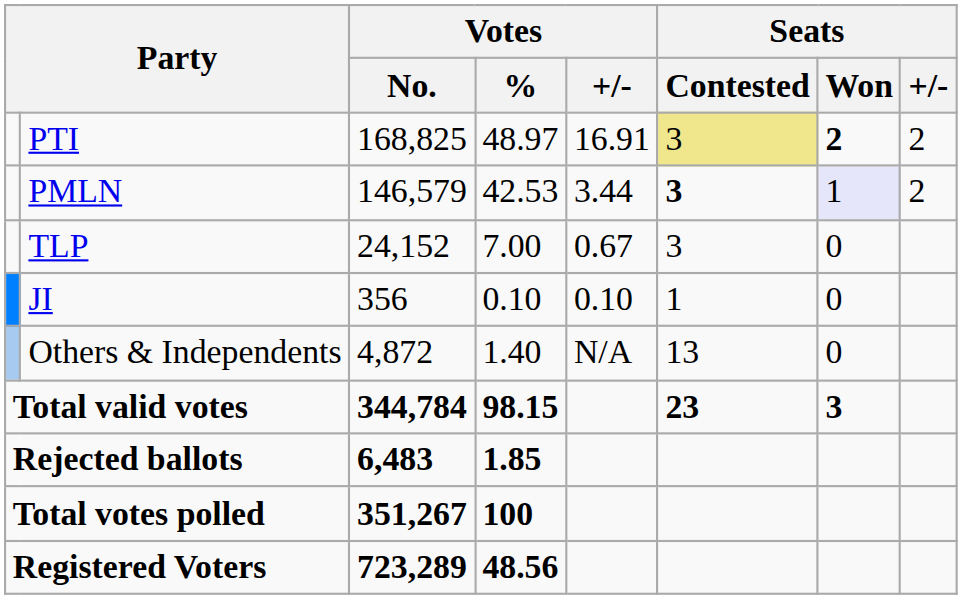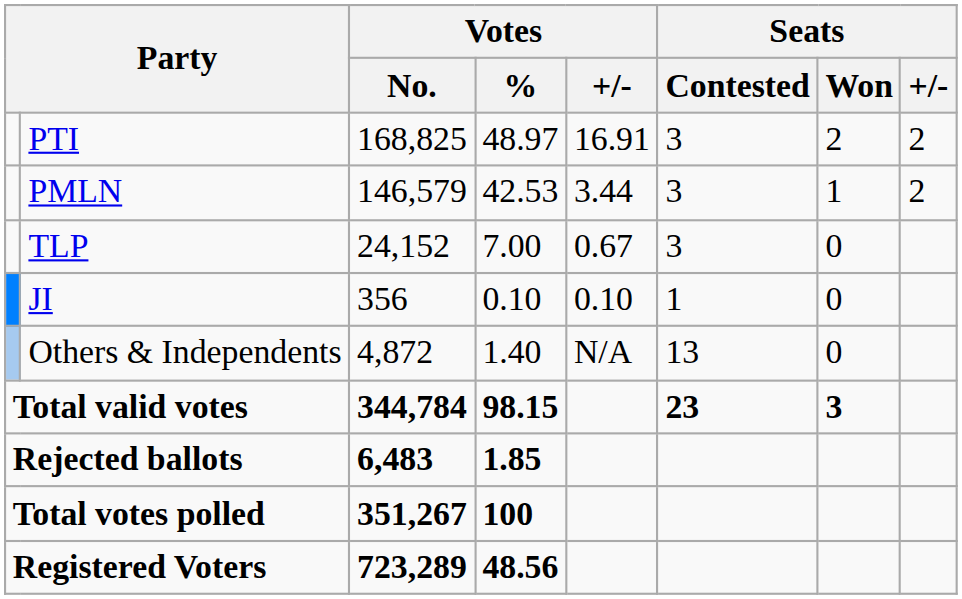 <table class="wikitable sortable">
 <tr>
 <th colspan="2" rowspan="2">Party</th>
 <th colspan="3">Votes</th>
 <th colspan="3">Seats</th>
 </tr>
 <tr>
 <th>No.</th>
 <th>%</th>
 <th>+/-</th>
 <th>Contested</th>
 <th>Won</th>
 <th><strong>+/-</strong></th>
 </tr>
 <tr>
 <td></td>
 <td><a href='#'>PTI</a></td>
 <td>168,825</td>
 <td>48.97</td>
 <td>16.91</td>
-<td style="background: khaki;">3</td>
-<td><strong>2</strong></td>
+<td>3</td>
+<td>2</td>
 <td>2</td>
 </tr>
 <tr>
 <td></td>
 <td><a href='#'>PMLN</a></td>
 <td>146,579</td>
 <td>42.53</td>
 <td>3.44</td>
-<td><strong>3</strong></td>
-<td style="background: lavender;">1</td>
+<td>3</td>
+<td>1</td>
 <td>2</td>
 </tr>
 <tr>
 <td></td>
 <td><a href='#'>TLP</a></td>
 <td>24,152</td>
 <td>7.00</td>
 <td>0.67</td>
 <td>3</td>
 <td>0</td>
 <td></td>
 </tr>
 <tr>
 <td style="color:inherit;background:#0080ff"></td>
 <td><a href='#'>JI</a></td>
 <td>356</td>
 <td>0.10</td>
 <td>0.10</td>
 <td>1</td>
 <td>0</td>
 <td></td>
 </tr>
 <tr>
 <td style="color:inherit;background:#a6caf0"></td>
 <td>Others & Independents</td>
 <td>4,872</td>
 <td>1.40</td>
 <td>N/A</td>
 <td>13</td>
 <td>0</td>
 <td></td>
 </tr>
 <tr>
 <td colspan="2"><strong>Total valid votes</strong></td>
 <td><strong>344,784</strong></td>
 <td><strong>98.15</strong></td>
 <td></td>
 <td><strong>23</strong></td>
 <td><strong>3</strong></td>
 <td></td>
 </tr>
 <tr>
 <td colspan="2"><strong>Rejected ballots</strong></td>
 <td><strong>6,483</strong></td>
 <td><strong>1.85</strong></td>
 <td></td>
 <td></td>
 <td></td>
 <td></td>
 </tr>
 <tr>
 <td colspan="2"><strong>Total votes polled</strong></td>
 <td><strong>351,267</strong></td>
 <td><strong>100</strong></td>
 <td></td>
 <td></td>
 <td></td>
 <td></td>
 </tr>
 <tr>
 <td colspan="2"><strong>Registered Voters</strong></td>
 <td><strong>723,289</strong></td>
 <td><strong>48.56</strong></td>
 <td></td>
 <td></td>
 <td></td>
 <td></td>
 </tr>
 </table>
